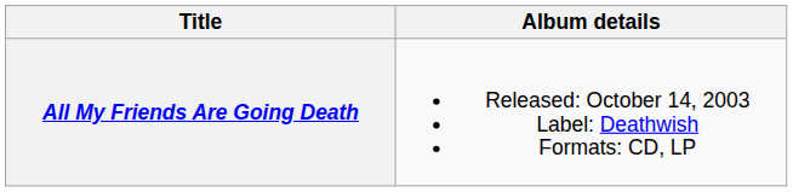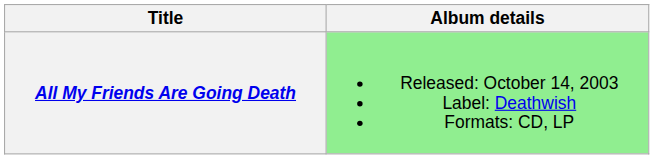 <table class="wikitable plainrowheaders" style="text-align:center;">
 <tr>
 <th scope="col" style="width:18em;">Title</th>
 <th scope="col" style="width:18em;">Album details</th>
 </tr>
 <tr>
 <th scope="row"><em><a href='#'>All My Friends Are Going Death</a></em></th>
-<td><br><ul><li>Released: October 14, 2003</li><li>Label: <a href='#'>Deathwish</a></li><li>Formats: CD, LP</li></ul></td>
+<td style="background: lightgreen;"><br><ul><li>Released: October 14, 2003</li><li>Label: <a href='#'>Deathwish</a></li><li>Formats: CD, LP</li></ul></td>
 </tr>
 </table>
